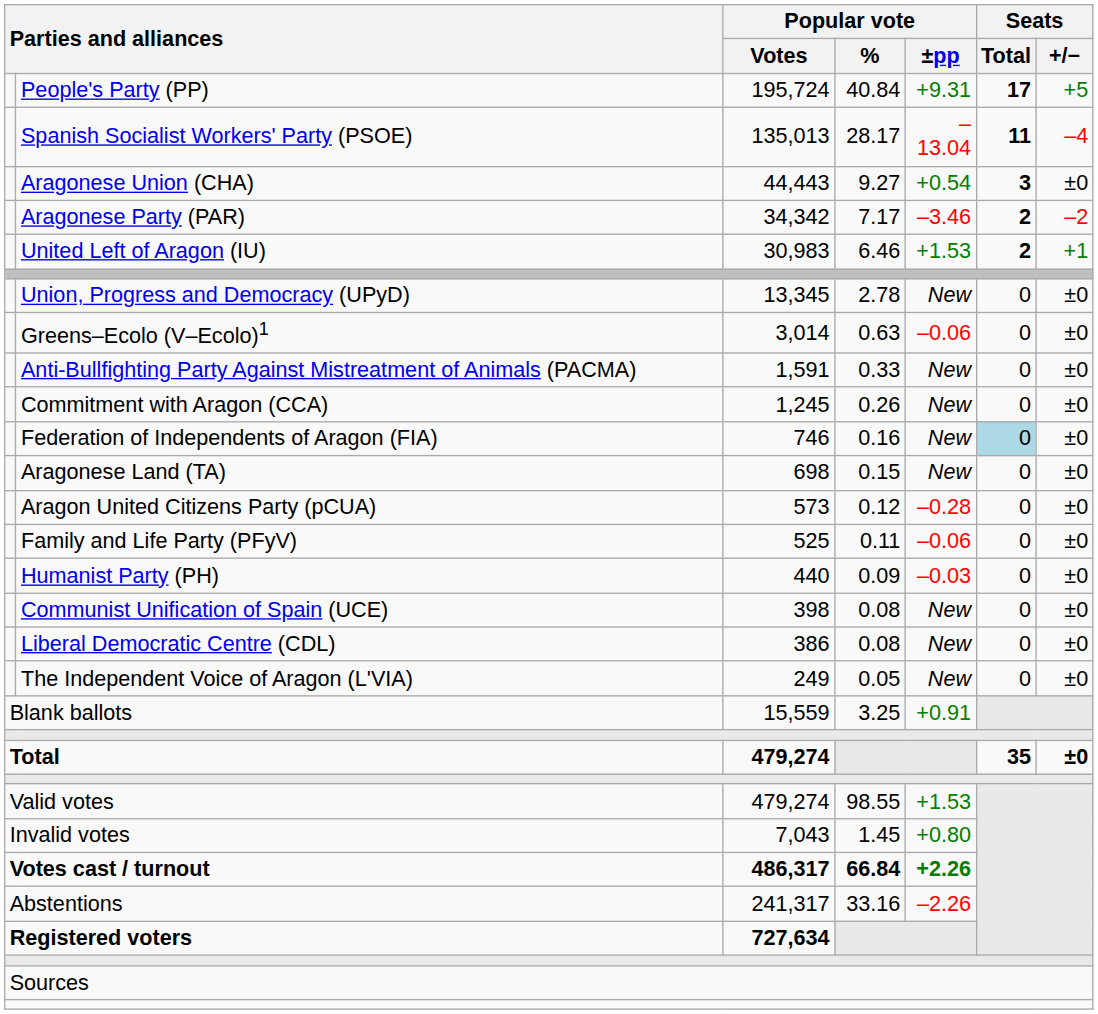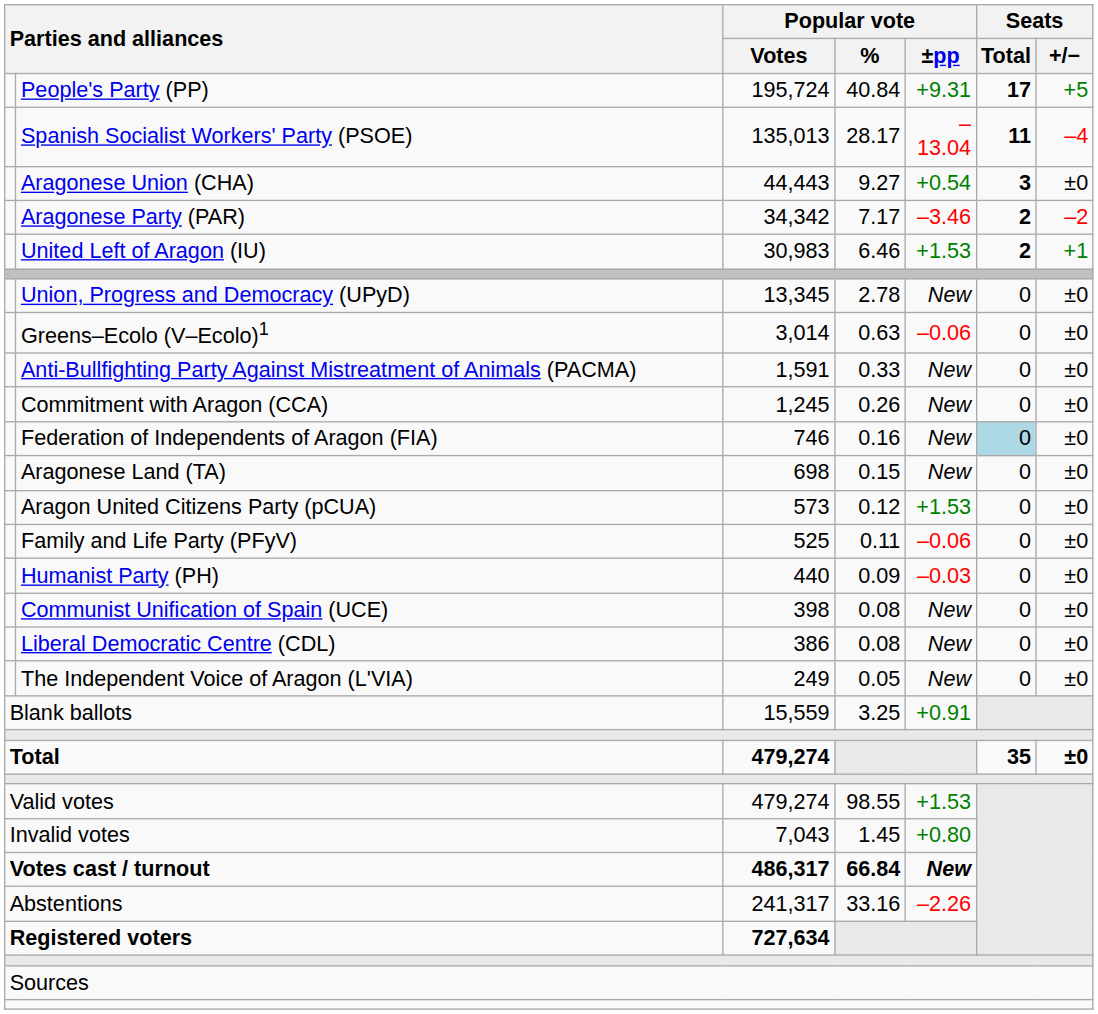 <table class="wikitable" style="text-align:right;">
 <tr>
 <th style="text-align:left;" rowspan="2" colspan="2" width="525">Parties and alliances</th>
 <th colspan="3">Popular vote</th>
 <th colspan="2">Seats</th>
 </tr>
 <tr>
 <th width="75">Votes</th>
 <th width="45">%</th>
 <th width="45">±<a href='#'>pp</a></th>
 <th width="35">Total</th>
 <th width="35">+/−</th>
 </tr>
 <tr>
 <td width="1" style="color:inherit;background:"></td>
 <td align="left"><a href='#'>People's Party</a> (PP)</td>
 <td>195,724</td>
 <td>40.84</td>
 <td style="color:green;">+9.31</td>
 <td><strong>17</strong></td>
 <td style="color:green;">+5</td>
 </tr>
 <tr>
 <td style="color:inherit;background:"></td>
 <td align="left"><a href='#'>Spanish Socialist Workers' Party</a> (PSOE)</td>
 <td>135,013</td>
 <td>28.17</td>
 <td style="color:red;">–13.04</td>
 <td><strong>11</strong></td>
 <td style="color:red;">–4</td>
 </tr>
 <tr>
 <td style="color:inherit;background:"></td>
 <td align="left"><a href='#'>Aragonese Union</a> (CHA)</td>
 <td>44,443</td>
 <td>9.27</td>
 <td style="color:green;">+0.54</td>
 <td><strong>3</strong></td>
 <td>±0</td>
 </tr>
 <tr>
 <td style="color:inherit;background:"></td>
 <td align="left"><a href='#'>Aragonese Party</a> (PAR)</td>
 <td>34,342</td>
 <td>7.17</td>
 <td style="color:red;">–3.46</td>
 <td><strong>2</strong></td>
 <td style="color:red;">–2</td>
 </tr>
 <tr>
 <td style="color:inherit;background:"></td>
 <td align="left"><a href='#'>United Left of Aragon</a> (IU)</td>
 <td>30,983</td>
 <td>6.46</td>
 <td style="color:green;">+1.53</td>
 <td><strong>2</strong></td>
 <td style="color:green;">+1</td>
 </tr>
 <tr>
 <td colspan="7" bgcolor="#C0C0C0"></td>
 </tr>
 <tr>
 <td style="color:inherit;background:"></td>
 <td align="left"><a href='#'>Union, Progress and Democracy</a> (UPyD)</td>
 <td>13,345</td>
 <td>2.78</td>
 <td><em>New</em></td>
 <td>0</td>
 <td>±0</td>
 </tr>
 <tr>
 <td style="color:inherit;background:"></td>
 <td align="left">Greens–Ecolo (V–Ecolo)<sup>1</sup></td>
 <td>3,014</td>
 <td>0.63</td>
 <td style="color:red;">–0.06</td>
 <td>0</td>
 <td>±0</td>
 </tr>
 <tr>
 <td style="color:inherit;background:"></td>
 <td align="left"><a href='#'>Anti-Bullfighting Party Against Mistreatment of Animals</a> (PACMA)</td>
 <td>1,591</td>
 <td>0.33</td>
 <td><em>New</em></td>
 <td>0</td>
 <td>±0</td>
 </tr>
 <tr>
 <td style="color:inherit;background:"></td>
 <td align="left">Commitment with Aragon (CCA)</td>
 <td>1,245</td>
 <td>0.26</td>
 <td><em>New</em></td>
 <td>0</td>
 <td>±0</td>
 </tr>
 <tr>
 <td style="color:inherit;background:"></td>
 <td align="left">Federation of Independents of Aragon (FIA)</td>
 <td>746</td>
 <td>0.16</td>
 <td><em>New</em></td>
 <td style="background: lightblue;">0</td>
 <td>±0</td>
 </tr>
 <tr>
 <td style="color:inherit;background:"></td>
 <td align="left">Aragonese Land (TA)</td>
 <td>698</td>
 <td>0.15</td>
 <td><em>New</em></td>
 <td>0</td>
 <td>±0</td>
 </tr>
 <tr>
 <td style="color:inherit;background:"></td>
 <td align="left">Aragon United Citizens Party (pCUA)</td>
 <td>573</td>
 <td>0.12</td>
-<td style="color:red;">–0.28</td>
+<td style="color:green;">+1.53</td>
 <td>0</td>
 <td>±0</td>
 </tr>
 <tr>
 <td style="color:inherit;background:"></td>
 <td align="left">Family and Life Party (PFyV)</td>
 <td>525</td>
 <td>0.11</td>
 <td style="color:red;">–0.06</td>
 <td>0</td>
 <td>±0</td>
 </tr>
 <tr>
 <td style="color:inherit;background:"></td>
 <td align="left"><a href='#'>Humanist Party</a> (PH)</td>
 <td>440</td>
 <td>0.09</td>
 <td style="color:red;">–0.03</td>
 <td>0</td>
 <td>±0</td>
 </tr>
 <tr>
 <td style="color:inherit;background:"></td>
 <td align="left"><a href='#'>Communist Unification of Spain</a> (UCE)</td>
 <td>398</td>
 <td>0.08</td>
 <td><em>New</em></td>
 <td>0</td>
 <td>±0</td>
 </tr>
 <tr>
 <td style="color:inherit;background:"></td>
 <td align="left"><a href='#'>Liberal Democratic Centre</a> (CDL)</td>
 <td>386</td>
 <td>0.08</td>
 <td><em>New</em></td>
 <td>0</td>
 <td>±0</td>
 </tr>
 <tr>
 <td style="color:inherit;background:"></td>
 <td align="left">The Independent Voice of Aragon (L'VIA)</td>
 <td>249</td>
 <td>0.05</td>
 <td><em>New</em></td>
 <td>0</td>
 <td>±0</td>
 </tr>
 <tr>
 <td align="left" colspan="2">Blank ballots</td>
 <td>15,559</td>
 <td>3.25</td>
 <td style="color:green;">+0.91</td>
 <td bgcolor="#E9E9E9" colspan="2"></td>
 </tr>
 <tr>
 <td colspan="7" bgcolor="#E9E9E9"></td>
 </tr>
 <tr style="font-weight:bold;">
 <td align="left" colspan="2">Total</td>
 <td>479,274</td>
 <td bgcolor="#E9E9E9" colspan="2"></td>
 <td>35</td>
 <td>±0</td>
 </tr>
 <tr>
 <td colspan="7" bgcolor="#E9E9E9"></td>
 </tr>
 <tr>
 <td align="left" colspan="2">Valid votes</td>
 <td>479,274</td>
 <td>98.55</td>
 <td style="color:green;">+1.53</td>
 <td bgcolor="#E9E9E9" colspan="2" rowspan="5"></td>
 </tr>
 <tr>
 <td align="left" colspan="2">Invalid votes</td>
 <td>7,043</td>
 <td>1.45</td>
 <td style="color:green;">+0.80</td>
 </tr>
 <tr style="font-weight:bold;">
 <td align="left" colspan="2">Votes cast / turnout</td>
 <td>486,317</td>
 <td>66.84</td>
-<td style="color:green;">+2.26</td>
+<td><em>New</em></td>
 </tr>
 <tr>
 <td align="left" colspan="2">Abstentions</td>
 <td>241,317</td>
 <td>33.16</td>
 <td style="color:red;">–2.26</td>
 </tr>
 <tr style="font-weight:bold;">
 <td align="left" colspan="2">Registered voters</td>
 <td>727,634</td>
 <td bgcolor="#E9E9E9" colspan="2"></td>
 </tr>
 <tr>
 <td colspan="7" bgcolor="#E9E9E9"></td>
 </tr>
 <tr>
 <td align="left" colspan="7">Sources</td>
 </tr>
 <tr>
 <td colspan="7" style="text-align:left; max-width:790px;"></td>
 </tr>
 </table>
